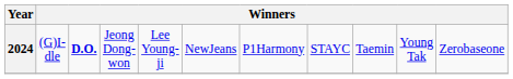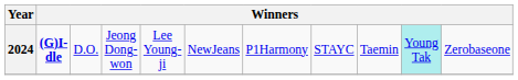 <table class="wikitable plainrowheaders" style="text-align: center">
 <tr>
 <th scope="col">Year</th>
 <th scope="col" colspan="10">Winners</th>
 </tr>
 <tr>
 <th scope="row">2024</th>
-<td><a href='#'>(G)I-dle</a></td>
-<td><strong><a href='#'>D.O.</a></strong></td>
+<td><strong><a href='#'>(G)I-dle</a></strong></td>
+<td><a href='#'>D.O.</a></td>
 <td><a href='#'>Jeong Dong-won</a></td>
 <td><a href='#'>Lee Young-ji</a></td>
 <td><a href='#'>NewJeans</a></td>
 <td><a href='#'>P1Harmony</a></td>
 <td><a href='#'>STAYC</a></td>
 <td><a href='#'>Taemin</a></td>
-<td><a href='#'>Young Tak</a></td>
+<td style="background: paleturquoise;"><a href='#'>Young Tak</a></td>
 <td><a href='#'>Zerobaseone</a></td>
 </tr>
 <tr>
 </tr>
 </table>
